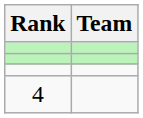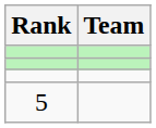 <table class=wikitable>
 <tr>
 <th>Rank</th>
 <th>Team</th>
 </tr>
 <tr bgcolor=bbf3bb>
 <td align=center></td>
 <td></td>
 </tr>
 <tr bgcolor=bbf3bb>
 <td align=center></td>
 <td></td>
 </tr>
 <tr>
 <td align=center></td>
 <td></td>
 </tr>
 <tr>
-<td align=center>4</td>
+<td align=center>5</td>
 <td></td>
 </tr>
 </table>
